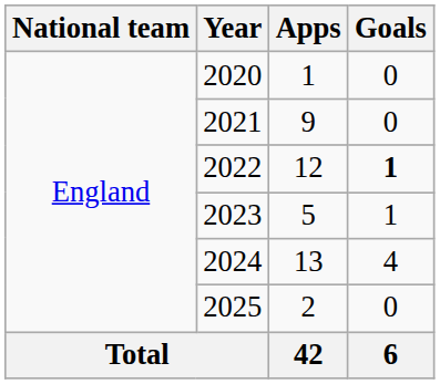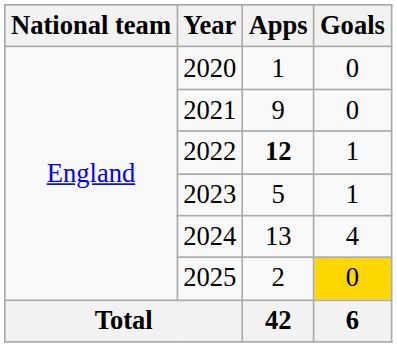 <table class="wikitable" style="text-align: center;">
 <tr>
 <th>National team</th>
 <th>Year</th>
 <th>Apps</th>
 <th>Goals</th>
 </tr>
 <tr>
 <td rowspan="6"><a href='#'>England</a></td>
 <td>2020</td>
 <td>1</td>
 <td>0</td>
 </tr>
 <tr>
 <td>2021</td>
 <td>9</td>
 <td>0</td>
 </tr>
 <tr>
 <td>2022</td>
-<td>12</td>
-<td><strong>1</strong></td>
+<td><strong>12</strong></td>
+<td>1</td>
 </tr>
 <tr>
 <td>2023</td>
 <td>5</td>
 <td>1</td>
 </tr>
 <tr>
 <td>2024</td>
 <td>13</td>
 <td>4</td>
 </tr>
 <tr>
 <td>2025</td>
 <td>2</td>
-<td>0</td>
+<td style="background: gold;">0</td>
 </tr>
 <tr>
 <th colspan="2">Total</th>
 <th>42</th>
 <th>6</th>
 </tr>
 </table>
